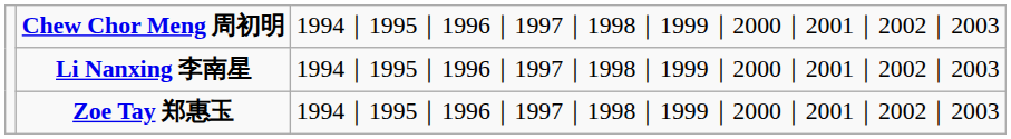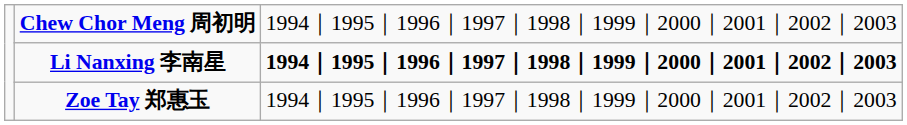 <table class="wikitable" style="text-align:center">
 <tr>
 <td rowspan=3><div></div></td>
 <td><strong><a href='#'>Chew Chor Meng</a> 周初明</strong></td>
 <td>1994｜1995｜1996｜1997｜1998｜1999｜2000｜2001｜2002｜2003</td>
 </tr>
 <tr>
 <td><strong><a href='#'>Li Nanxing</a> 李南星</strong></td>
-<td>1994｜1995｜1996｜1997｜1998｜1999｜2000｜2001｜2002｜2003</td>
+<td><strong>1994｜1995｜1996｜1997｜1998｜1999｜2000｜2001｜2002｜2003</strong></td>
 </tr>
 <tr>
 <td><strong> <a href='#'>Zoe Tay</a> 郑惠玉</strong></td>
 <td>1994｜1995｜1996｜1997｜1998｜1999｜2000｜2001｜2002｜2003</td>
 </tr>
 </table>
